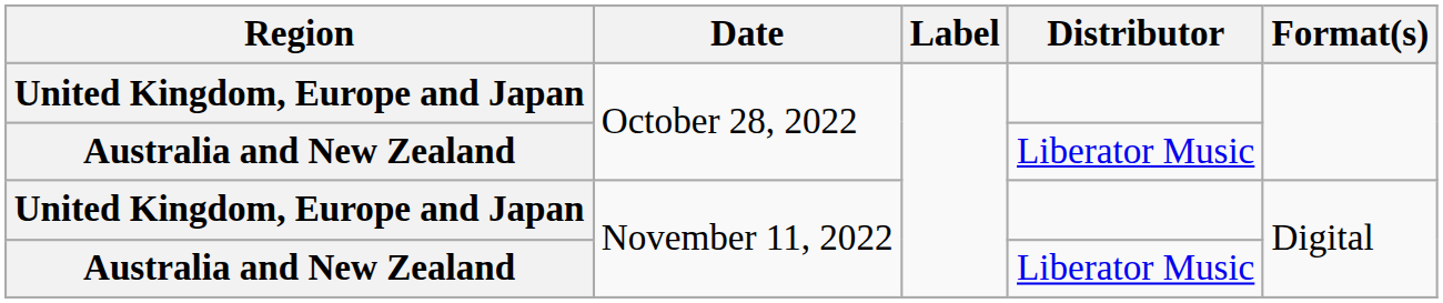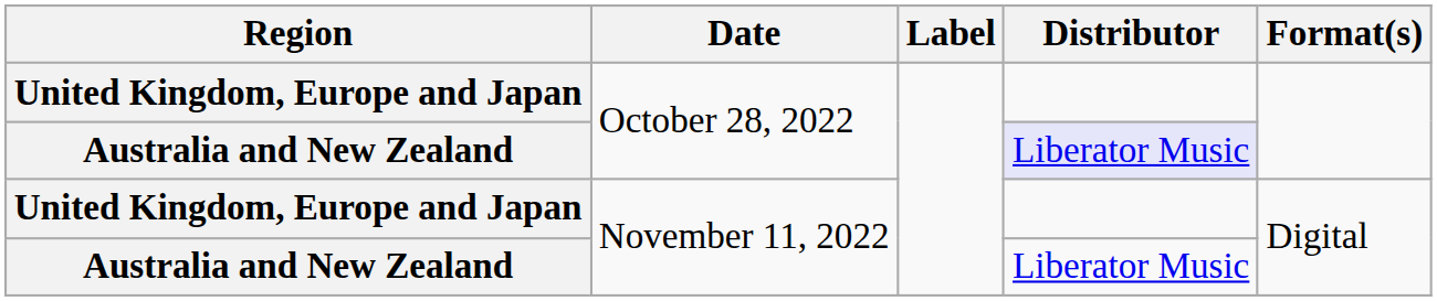 <table class="wikitable plainrowheaders">
 <tr>
 <th scope="col">Region</th>
 <th scope="col">Date</th>
 <th scope="col">Label</th>
 <th scope="col">Distributor</th>
 <th scope="col">Format(s)</th>
 </tr>
 <tr>
 <th scope="row">United Kingdom, Europe and Japan</th>
 <td rowspan="2">October 28, 2022</td>
 <td rowspan="4"></td>
 <td></td>
 <td rowspan="2"></td>
 </tr>
 <tr>
 <th scope="row">Australia and New Zealand</th>
-<td><a href='#'>Liberator Music</a></td>
+<td style="background: lavender;"><a href='#'>Liberator Music</a></td>
 </tr>
 <tr>
 <th scope="row">United Kingdom, Europe and Japan</th>
 <td rowspan="2">November 11, 2022</td>
 <td></td>
 <td rowspan="2">Digital</td>
 </tr>
 <tr>
 <th scope="row">Australia and New Zealand</th>
 <td><a href='#'>Liberator Music</a></td>
 </tr>
 </table>
